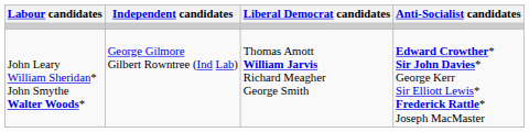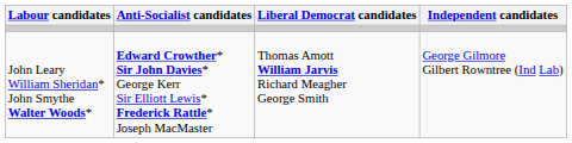 <table class="wikitable">
 <tr>
 <th><a href='#'>Labour</a> candidates</th>
+<th><a href='#'>Anti-Socialist</a> candidates</th>
+<th><a href='#'>Liberal Democrat</a> candidates</th>
 <th><a href='#'>Independent</a> candidates</th>
-<th><a href='#'>Liberal Democrat</a> candidates</th>
-<th><a href='#'>Anti-Socialist</a> candidates</th>
 </tr>
 <tr bgcolor="#cccccc">
 <td></td>
 <td></td>
 <td></td>
 <td></td>
 </tr>
 <tr>
 <td><br>John Leary<br> <a href='#'>William Sheridan</a>*<br> John Smythe<br> <strong><a href='#'>Walter Woods</a></strong>*</td>
+<td><br><strong><a href='#'>Edward Crowther</a></strong>*<br> <strong><a href='#'>Sir John Davies</a></strong>*<br> George Kerr<br> <a href='#'>Sir Elliott Lewis</a>*<br> <strong><a href='#'>Frederick Rattle</a></strong>*<br> Joseph MacMaster</td>
+<td valign=top><br>Thomas Amott<br> <strong><a href='#'>William Jarvis</a></strong><br> Richard Meagher<br> George Smith</td>
 <td valign=top><br><a href='#'>George Gilmore</a><br> Gilbert Rowntree (<a href='#'>Ind</a> <a href='#'>Lab</a>)<br></td>
-<td valign=top><br>Thomas Amott<br> <strong><a href='#'>William Jarvis</a></strong><br> Richard Meagher<br> George Smith</td>
-<td><br><strong><a href='#'>Edward Crowther</a></strong>*<br> <strong><a href='#'>Sir John Davies</a></strong>*<br> George Kerr<br> <a href='#'>Sir Elliott Lewis</a>*<br> <strong><a href='#'>Frederick Rattle</a></strong>*<br> Joseph MacMaster</td>
 </tr>
 </table>
